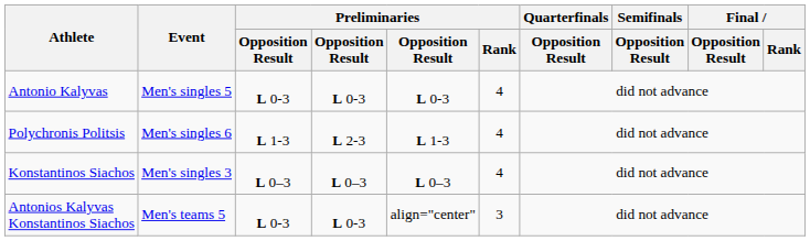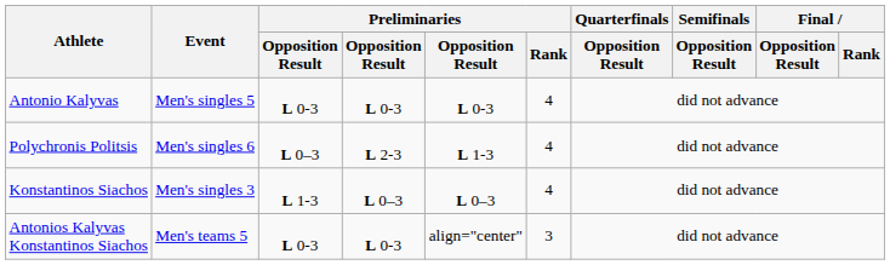 <table class=wikitable style="font-size:90%">
 <tr>
 <th rowspan="2">Athlete</th>
 <th rowspan="2">Event</th>
 <th colspan="4">Preliminaries</th>
 <th>Quarterfinals</th>
 <th>Semifinals</th>
 <th colspan="2">Final / </th>
 </tr>
 <tr>
 <th>Opposition<br>Result</th>
 <th>Opposition<br>Result</th>
 <th>Opposition<br>Result</th>
 <th>Rank</th>
 <th>Opposition<br>Result</th>
 <th>Opposition<br>Result</th>
 <th>Opposition<br>Result</th>
 <th>Rank</th>
 </tr>
 <tr>
 <td><a href='#'>Antonio Kalyvas</a></td>
 <td><a href='#'>Men's singles 5</a></td>
 <td align="center"><br><strong>L</strong> 0-3</td>
 <td align="center"><br><strong>L</strong> 0-3</td>
 <td align="center"><br><strong>L</strong> 0-3</td>
 <td align="center">4</td>
 <td align="center" colspan="4">did not advance</td>
 </tr>
 <tr>
 <td><a href='#'>Polychronis Politsis</a></td>
 <td><a href='#'>Men's singles 6</a></td>
-<td align="center"><br><strong>L</strong> 1-3</td>
+<td align="center"><br><strong>L</strong> 0–3</td>
 <td align="center"><br><strong>L</strong> 2-3</td>
 <td align="center"><br><strong>L</strong> 1-3</td>
 <td align="center">4</td>
 <td align="center" colspan="4">did not advance</td>
 </tr>
 <tr>
 <td><a href='#'>Konstantinos Siachos</a></td>
 <td><a href='#'>Men's singles 3</a></td>
-<td align="center"><br><strong>L</strong> 0–3</td>
+<td align="center"><br><strong>L</strong> 1-3</td>
 <td align="center"><br><strong>L</strong> 0–3</td>
 <td align="center"><br><strong>L</strong> 0–3</td>
 <td align="center">4</td>
 <td align="center" colspan="4">did not advance</td>
 </tr>
 <tr>
 <td><a href='#'>Antonios Kalyvas</a><br> <a href='#'>Konstantinos Siachos</a></td>
 <td><a href='#'>Men's teams 5</a></td>
 <td align="center"><br><strong>L</strong> 0-3</td>
 <td align="center"><br><strong>L</strong> 0-3</td>
 <td>align="center" </td>
 <td align="center">3</td>
 <td align="center" colspan="4">did not advance</td>
 </tr>
 </table>
